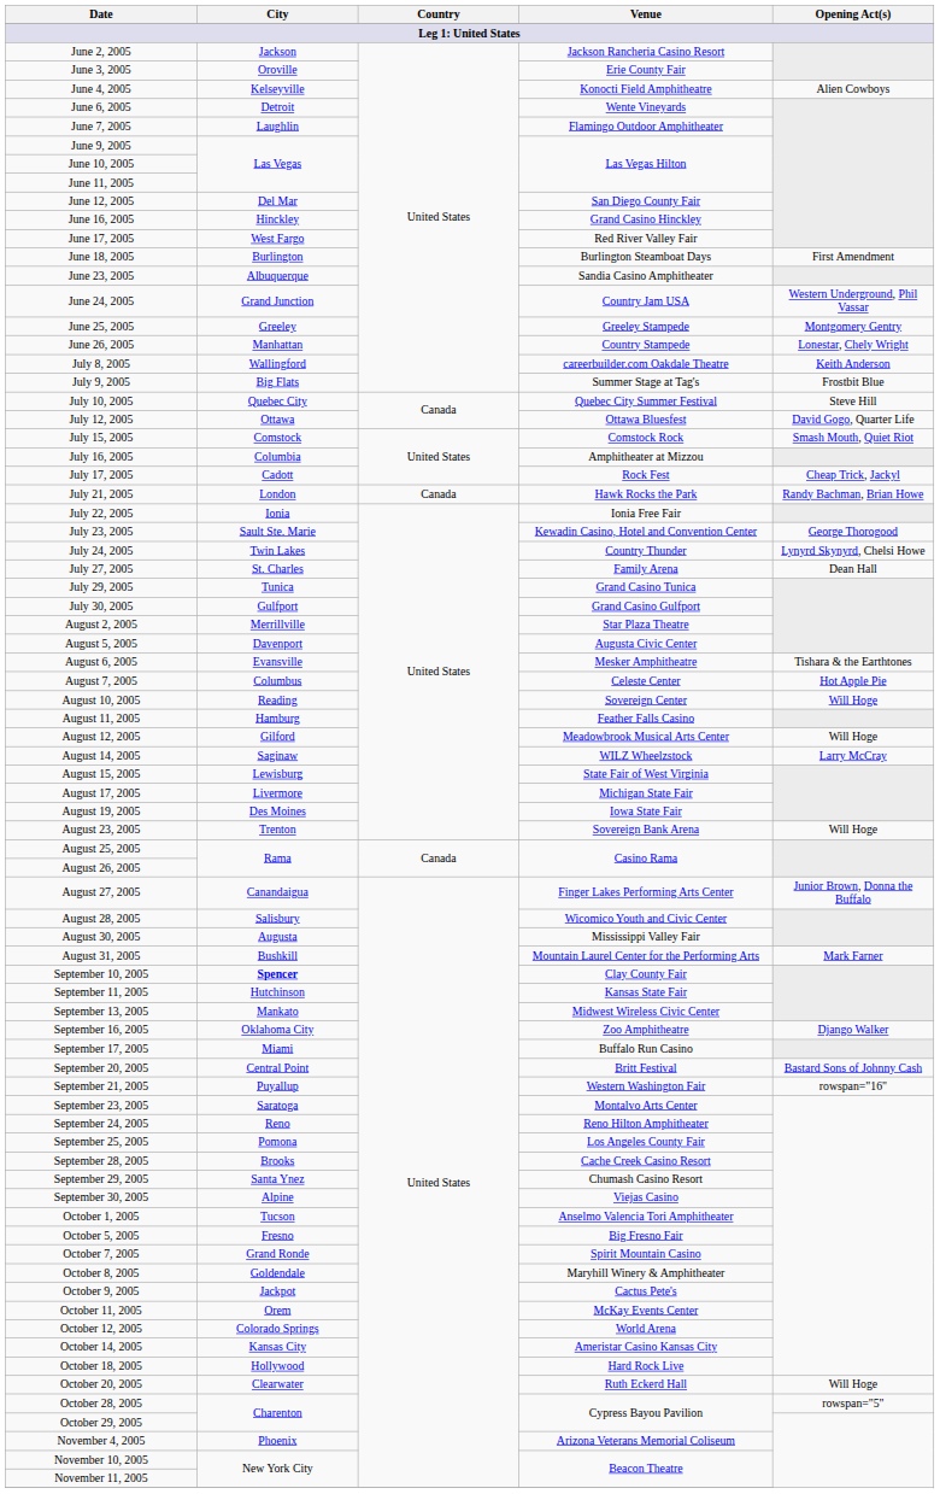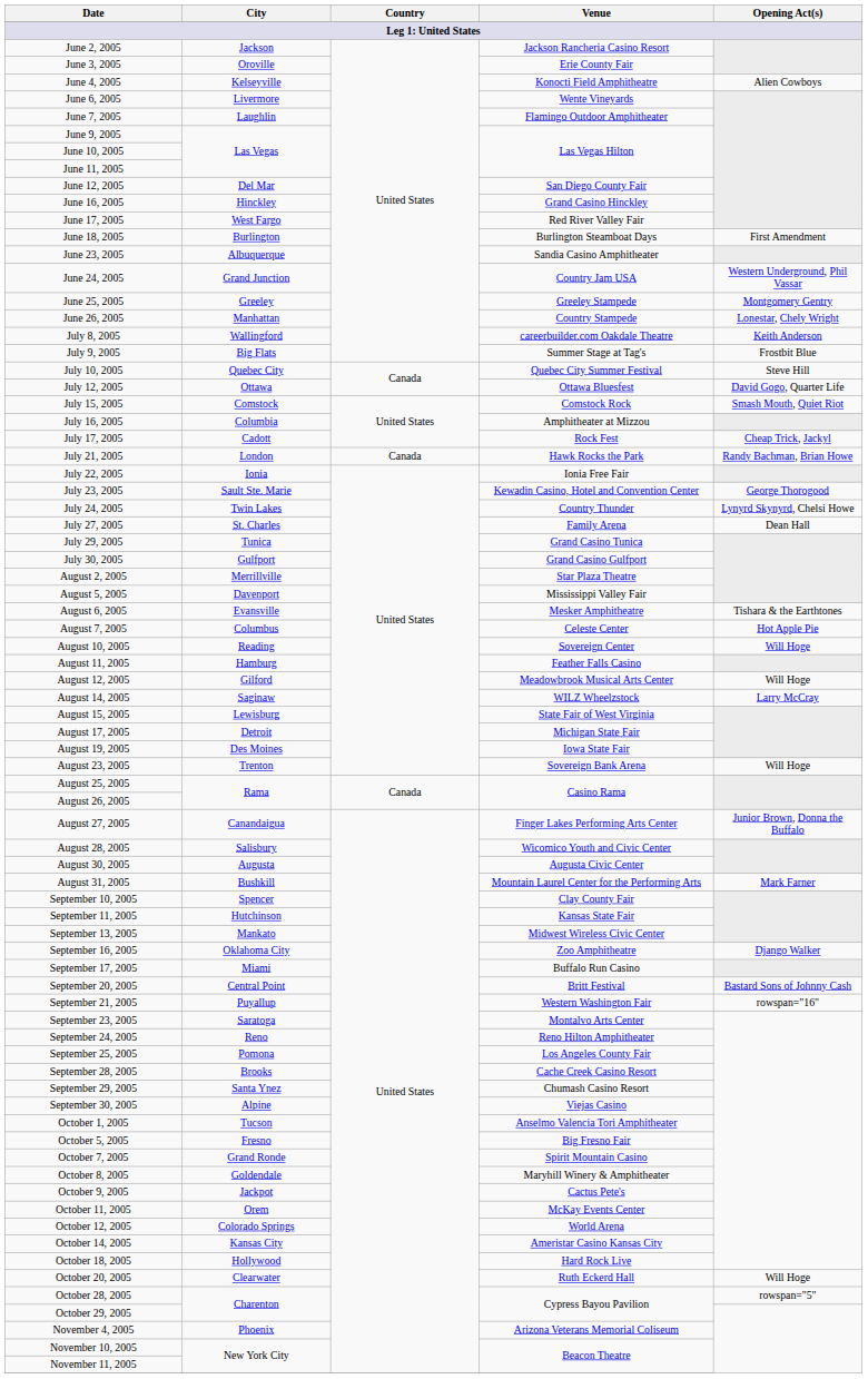 <table class="wikitable plainrowheaders" style="text-align:center;width:100%">
 <tr>
 <th scope="col" style="width:12em;">Date</th>
 <th scope="col" style="width:10em;">City</th>
 <th scope="col" style="width:10em;">Country</th>
 <th scope="col" style="width:16em;">Venue</th>
 <th scope="col" style="width:10em;">Opening Act(s)</th>
 </tr>
 <tr bgcolor="#DDDDDD">
 </tr>
 <tr>
 <th style="background:#dde;" colspan="7">Leg 1: United States</th>
 </tr>
 <tr>
 <td>June 2, 2005</td>
 <td><a href='#'>Jackson</a></td>
 <td rowspan="18">United States</td>
 <td><a href='#'>Jackson Rancheria Casino Resort</a></td>
 <td rowspan="2" style="background: #ececec; color: #2C2C2C"></td>
 </tr>
 <tr>
 <td>June 3, 2005</td>
 <td><a href='#'>Oroville</a></td>
 <td><a href='#'>Erie County Fair</a></td>
 </tr>
 <tr>
 <td>June 4, 2005</td>
 <td><a href='#'>Kelseyville</a></td>
 <td><a href='#'>Konocti Field Amphitheatre</a></td>
 <td>Alien Cowboys</td>
 </tr>
 <tr>
 <td>June 6, 2005</td>
-<td><a href='#'>Detroit</a></td>
+<td><a href='#'>Livermore</a></td>
 <td><a href='#'>Wente Vineyards</a></td>
 <td rowspan="8" style="background: #ececec; color: #2C2C2C"></td>
 </tr>
 <tr>
 <td>June 7, 2005</td>
 <td><a href='#'>Laughlin</a></td>
 <td><a href='#'>Flamingo Outdoor Amphitheater</a></td>
 </tr>
 <tr>
 <td>June 9, 2005</td>
 <td rowspan="3"><a href='#'>Las Vegas</a></td>
 <td rowspan="3"><a href='#'>Las Vegas Hilton</a></td>
 </tr>
 <tr>
 <td>June 10, 2005</td>
 </tr>
 <tr>
 <td>June 11, 2005</td>
 </tr>
 <tr>
 <td>June 12, 2005</td>
 <td><a href='#'>Del Mar</a></td>
 <td><a href='#'>San Diego County Fair</a></td>
 </tr>
 <tr>
 <td>June 16, 2005</td>
 <td><a href='#'>Hinckley</a></td>
 <td><a href='#'>Grand Casino Hinckley</a></td>
 </tr>
 <tr>
 <td>June 17, 2005</td>
 <td><a href='#'>West Fargo</a></td>
 <td>Red River Valley Fair</td>
 </tr>
 <tr>
 <td>June 18, 2005</td>
 <td><a href='#'>Burlington</a></td>
 <td>Burlington Steamboat Days</td>
 <td>First Amendment</td>
 </tr>
 <tr>
 <td>June 23, 2005</td>
 <td><a href='#'>Albuquerque</a></td>
 <td>Sandia Casino Amphitheater</td>
 <td style="background: #ececec; color: #2C2C2C"></td>
 </tr>
 <tr>
 <td>June 24, 2005</td>
 <td><a href='#'>Grand Junction</a></td>
 <td><a href='#'>Country Jam USA</a></td>
 <td><a href='#'>Western Underground</a>, <a href='#'>Phil Vassar</a></td>
 </tr>
 <tr>
 <td>June 25, 2005</td>
 <td><a href='#'>Greeley</a></td>
 <td><a href='#'>Greeley Stampede</a></td>
 <td><a href='#'>Montgomery Gentry</a></td>
 </tr>
 <tr>
 <td>June 26, 2005</td>
 <td><a href='#'>Manhattan</a></td>
 <td><a href='#'>Country Stampede</a></td>
 <td><a href='#'>Lonestar</a>, <a href='#'>Chely Wright</a></td>
 </tr>
 <tr>
 <td>July 8, 2005</td>
 <td><a href='#'>Wallingford</a></td>
 <td><a href='#'>careerbuilder.com Oakdale Theatre</a></td>
 <td><a href='#'>Keith Anderson</a></td>
 </tr>
 <tr>
 <td>July 9, 2005</td>
 <td><a href='#'>Big Flats</a></td>
 <td>Summer Stage at Tag's</td>
 <td>Frostbit Blue</td>
 </tr>
 <tr>
 <td>July 10, 2005</td>
 <td><a href='#'>Quebec City</a></td>
 <td rowspan="2">Canada</td>
 <td><a href='#'>Quebec City Summer Festival</a></td>
 <td>Steve Hill</td>
 </tr>
 <tr>
 <td>July 12, 2005</td>
 <td><a href='#'>Ottawa</a></td>
 <td><a href='#'>Ottawa Bluesfest</a></td>
 <td><a href='#'>David Gogo</a>, Quarter Life</td>
 </tr>
 <tr>
 <td>July 15, 2005</td>
 <td><a href='#'>Comstock</a></td>
 <td rowspan="3">United States</td>
 <td><a href='#'>Comstock Rock</a></td>
 <td><a href='#'>Smash Mouth</a>, <a href='#'>Quiet Riot</a></td>
 </tr>
 <tr>
 <td>July 16, 2005</td>
 <td><a href='#'>Columbia</a></td>
 <td>Amphitheater at Mizzou</td>
 <td style="background: #ececec; color: #2C2C2C"></td>
 </tr>
 <tr>
 <td>July 17, 2005</td>
 <td><a href='#'>Cadott</a></td>
 <td><a href='#'>Rock Fest</a></td>
 <td><a href='#'>Cheap Trick</a>, <a href='#'>Jackyl</a></td>
 </tr>
 <tr>
 <td>July 21, 2005</td>
 <td><a href='#'>London</a></td>
 <td>Canada</td>
 <td><a href='#'>Hawk Rocks the Park</a></td>
 <td><a href='#'>Randy Bachman</a>, <a href='#'>Brian Howe</a></td>
 </tr>
 <tr>
 <td>July 22, 2005</td>
 <td><a href='#'>Ionia</a></td>
 <td rowspan="18">United States</td>
 <td>Ionia Free Fair</td>
 <td style="background: #ececec; color: #2C2C2C"></td>
 </tr>
 <tr>
 <td>July 23, 2005</td>
 <td><a href='#'>Sault Ste. Marie</a></td>
 <td><a href='#'>Kewadin Casino, Hotel and Convention Center</a></td>
 <td><a href='#'>George Thorogood</a></td>
 </tr>
 <tr>
 <td>July 24, 2005</td>
 <td><a href='#'>Twin Lakes</a></td>
 <td><a href='#'>Country Thunder</a></td>
 <td><a href='#'>Lynyrd Skynyrd</a>, Chelsi Howe</td>
 </tr>
 <tr>
 <td>July 27, 2005</td>
 <td><a href='#'>St. Charles</a></td>
 <td><a href='#'>Family Arena</a></td>
 <td>Dean Hall</td>
 </tr>
 <tr>
 <td>July 29, 2005</td>
 <td><a href='#'>Tunica</a></td>
 <td><a href='#'>Grand Casino Tunica</a></td>
 <td rowspan="4" style="background: #ececec; color: #2C2C2C"></td>
 </tr>
 <tr>
 <td>July 30, 2005</td>
 <td><a href='#'>Gulfport</a></td>
 <td><a href='#'>Grand Casino Gulfport</a></td>
 </tr>
 <tr>
 <td>August 2, 2005</td>
 <td><a href='#'>Merrillville</a></td>
 <td><a href='#'>Star Plaza Theatre</a></td>
 </tr>
 <tr>
 <td>August 5, 2005</td>
 <td><a href='#'>Davenport</a></td>
-<td><a href='#'>Augusta Civic Center</a></td>
+<td>Mississippi Valley Fair</td>
 </tr>
 <tr>
 <td>August 6, 2005</td>
 <td><a href='#'>Evansville</a></td>
 <td><a href='#'>Mesker Amphitheatre</a></td>
 <td>Tishara & the Earthtones</td>
 </tr>
 <tr>
 <td>August 7, 2005</td>
 <td><a href='#'>Columbus</a></td>
 <td><a href='#'>Celeste Center</a></td>
 <td><a href='#'>Hot Apple Pie</a></td>
 </tr>
 <tr>
 <td>August 10, 2005</td>
 <td><a href='#'>Reading</a></td>
 <td><a href='#'>Sovereign Center</a></td>
 <td><a href='#'>Will Hoge</a></td>
 </tr>
 <tr>
 <td>August 11, 2005</td>
 <td><a href='#'>Hamburg</a></td>
 <td><a href='#'>Feather Falls Casino</a></td>
 <td style="background: #ececec; color: #2C2C2C"></td>
 </tr>
 <tr>
 <td>August 12, 2005</td>
 <td><a href='#'>Gilford</a></td>
 <td><a href='#'>Meadowbrook Musical Arts Center</a></td>
 <td>Will Hoge</td>
 </tr>
 <tr>
 <td>August 14, 2005</td>
 <td><a href='#'>Saginaw</a></td>
 <td><a href='#'>WILZ Wheelzstock</a></td>
 <td><a href='#'>Larry McCray</a></td>
 </tr>
 <tr>
 <td>August 15, 2005</td>
 <td><a href='#'>Lewisburg</a></td>
 <td><a href='#'>State Fair of West Virginia</a></td>
 <td rowspan="3" style="background: #ececec; color: #2C2C2C"></td>
 </tr>
 <tr>
 <td>August 17, 2005</td>
-<td><a href='#'>Livermore</a></td>
+<td><a href='#'>Detroit</a></td>
 <td><a href='#'>Michigan State Fair</a></td>
 </tr>
 <tr>
 <td>August 19, 2005</td>
 <td><a href='#'>Des Moines</a></td>
 <td><a href='#'>Iowa State Fair</a></td>
 </tr>
 <tr>
 <td>August 23, 2005</td>
 <td><a href='#'>Trenton</a></td>
 <td><a href='#'>Sovereign Bank Arena</a></td>
 <td>Will Hoge</td>
 </tr>
 <tr>
 <td>August 25, 2005</td>
 <td rowspan="2"><a href='#'>Rama</a></td>
 <td rowspan="2">Canada</td>
 <td rowspan="2"><a href='#'>Casino Rama</a></td>
 <td rowspan="2" style="background: #ececec; color: #2C2C2C"></td>
 </tr>
 <tr>
 <td>August 26, 2005</td>
 </tr>
 <tr>
 <td>August 27, 2005</td>
 <td><a href='#'>Canandaigua</a></td>
 <td rowspan="32">United States</td>
 <td><a href='#'>Finger Lakes Performing Arts Center</a></td>
 <td><a href='#'>Junior Brown</a>, <a href='#'>Donna the Buffalo</a></td>
 </tr>
 <tr>
 <td>August 28, 2005</td>
 <td><a href='#'>Salisbury</a></td>
 <td><a href='#'>Wicomico Youth and Civic Center</a></td>
 <td rowspan="2" style="background: #ececec; color: #2C2C2C"></td>
 </tr>
 <tr>
 <td>August 30, 2005</td>
 <td><a href='#'>Augusta</a></td>
-<td>Mississippi Valley Fair</td>
+<td><a href='#'>Augusta Civic Center</a></td>
 </tr>
 <tr>
 <td>August 31, 2005</td>
 <td><a href='#'>Bushkill</a></td>
 <td><a href='#'>Mountain Laurel Center for the Performing Arts</a></td>
 <td><a href='#'>Mark Farner</a></td>
 </tr>
 <tr>
 <td>September 10, 2005</td>
-<td><strong><a href='#'>Spencer</a></strong></td>
+<td><a href='#'>Spencer</a></td>
 <td><a href='#'>Clay County Fair</a></td>
 <td rowspan="3" style="background: #ececec; color: #2C2C2C"></td>
 </tr>
 <tr>
 <td>September 11, 2005</td>
 <td><a href='#'>Hutchinson</a></td>
 <td><a href='#'>Kansas State Fair</a></td>
 </tr>
 <tr>
 <td>September 13, 2005</td>
 <td><a href='#'>Mankato</a></td>
 <td><a href='#'>Midwest Wireless Civic Center</a></td>
 </tr>
 <tr>
 <td>September 16, 2005</td>
 <td><a href='#'>Oklahoma City</a></td>
 <td><a href='#'>Zoo Amphitheatre</a></td>
 <td><a href='#'>Django Walker</a></td>
 </tr>
 <tr>
 <td>September 17, 2005</td>
 <td><a href='#'>Miami</a></td>
 <td>Buffalo Run Casino</td>
 <td style="background: #ececec; color: #2C2C2C"></td>
 </tr>
 <tr>
 <td>September 20, 2005</td>
 <td><a href='#'>Central Point</a></td>
 <td><a href='#'>Britt Festival</a></td>
 <td><a href='#'>Bastard Sons of Johnny Cash</a></td>
 </tr>
 <tr>
 <td>September 21, 2005</td>
 <td><a href='#'>Puyallup</a></td>
 <td><a href='#'>Western Washington Fair</a></td>
 <td>rowspan="16" </td>
 </tr>
 <tr>
 <td>September 23, 2005</td>
 <td><a href='#'>Saratoga</a></td>
 <td><a href='#'>Montalvo Arts Center</a></td>
 </tr>
 <tr>
 <td>September 24, 2005</td>
 <td><a href='#'>Reno</a></td>
 <td><a href='#'>Reno Hilton Amphitheater</a></td>
 </tr>
 <tr>
 <td>September 25, 2005</td>
 <td><a href='#'>Pomona</a></td>
 <td><a href='#'>Los Angeles County Fair</a></td>
 </tr>
 <tr>
 <td>September 28, 2005</td>
 <td><a href='#'>Brooks</a></td>
 <td><a href='#'>Cache Creek Casino Resort</a></td>
 </tr>
 <tr>
 <td>September 29, 2005</td>
 <td><a href='#'>Santa Ynez</a></td>
 <td>Chumash Casino Resort</td>
 </tr>
 <tr>
 <td>September 30, 2005</td>
 <td><a href='#'>Alpine</a></td>
 <td><a href='#'>Viejas Casino</a></td>
 </tr>
 <tr>
 <td>October 1, 2005</td>
 <td><a href='#'>Tucson</a></td>
 <td><a href='#'>Anselmo Valencia Tori Amphitheater</a></td>
 </tr>
 <tr>
 <td>October 5, 2005</td>
 <td><a href='#'>Fresno</a></td>
 <td><a href='#'>Big Fresno Fair</a></td>
 </tr>
 <tr>
 <td>October 7, 2005</td>
 <td><a href='#'>Grand Ronde</a></td>
 <td><a href='#'>Spirit Mountain Casino</a></td>
 </tr>
 <tr>
 <td>October 8, 2005</td>
 <td><a href='#'>Goldendale</a></td>
 <td>Maryhill Winery & Amphitheater</td>
 </tr>
 <tr>
 <td>October 9, 2005</td>
 <td><a href='#'>Jackpot</a></td>
 <td><a href='#'>Cactus Pete's</a></td>
 </tr>
 <tr>
 <td>October 11, 2005</td>
 <td><a href='#'>Orem</a></td>
 <td><a href='#'>McKay Events Center</a></td>
 </tr>
 <tr>
 <td>October 12, 2005</td>
 <td><a href='#'>Colorado Springs</a></td>
 <td><a href='#'>World Arena</a></td>
 </tr>
 <tr>
 <td>October 14, 2005</td>
 <td><a href='#'>Kansas City</a></td>
 <td><a href='#'>Ameristar Casino Kansas City</a></td>
 </tr>
 <tr>
 <td>October 18, 2005</td>
 <td><a href='#'>Hollywood</a></td>
 <td><a href='#'>Hard Rock Live</a></td>
 </tr>
 <tr>
 <td>October 20, 2005</td>
 <td><a href='#'>Clearwater</a></td>
 <td><a href='#'>Ruth Eckerd Hall</a></td>
 <td>Will Hoge</td>
 </tr>
 <tr>
 <td>October 28, 2005</td>
 <td rowspan="2"><a href='#'>Charenton</a></td>
 <td rowspan="2">Cypress Bayou Pavilion</td>
 <td>rowspan="5" </td>
 </tr>
 <tr>
 <td>October 29, 2005</td>
 </tr>
 <tr>
 <td>November 4, 2005</td>
 <td><a href='#'>Phoenix</a></td>
 <td><a href='#'>Arizona Veterans Memorial Coliseum</a></td>
 </tr>
 <tr>
 <td>November 10, 2005</td>
 <td rowspan="2">New York City</td>
 <td rowspan="2"><a href='#'>Beacon Theatre</a></td>
 </tr>
 <tr>
 <td>November 11, 2005</td>
 </tr>
 <tr>
 </tr>
 </table>
